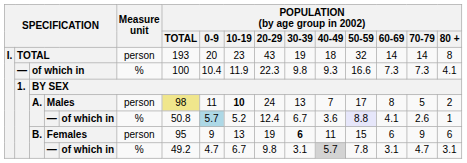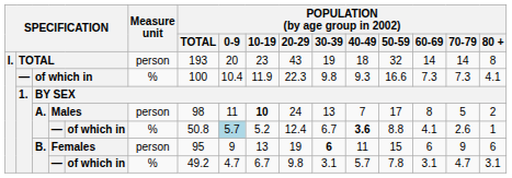 <table class="wikitable" style="font-size:85%; text-align:center">
 <tr>
 <th rowspan="2" colspan="5">SPECIFICATION</th>
 <th rowspan="2">Measure<br> unit</th>
 <th colspan="10" rowspan="1">POPULATION<br> (by age group in 2002)</th>
 </tr>
 <tr>
 <th>TOTAL</th>
 <th>0-9</th>
 <th>10-19</th>
 <th>20-29</th>
 <th>30-39</th>
 <th>40-49</th>
 <th>50-59</th>
 <th>60-69</th>
 <th>70-79</th>
 <th>80 +</th>
 </tr>
 <tr>
 <th style="text-align:left" valign="top" rowspan="7">I.</th>
 <th style="text-align:left" colspan="4">TOTAL</th>
 <td>person</td>
 <td>193</td>
 <td>20</td>
 <td>23</td>
 <td>43</td>
 <td>19</td>
 <td>18</td>
 <td>32</td>
 <td>14</td>
 <td>14</td>
 <td>8</td>
 </tr>
 <tr>
 <th style="text-align:left" valign="top">—</th>
 <th style="text-align:left" colspan="3">of which in</th>
 <td>%</td>
 <td>100</td>
 <td>10.4</td>
 <td>11.9</td>
 <td>22.3</td>
 <td>9.8</td>
 <td>9.3</td>
 <td>16.6</td>
 <td>7.3</td>
 <td>7.3</td>
 <td>4.1</td>
 </tr>
 <tr>
 <th style="text-align:left" valign="top" rowspan="5">1.</th>
 <th style="text-align:left" colspan="14">BY SEX</th>
 </tr>
 <tr>
 <th style="text-align:left" valign="top" rowspan="2">A.</th>
 <th style="text-align:left" colspan="2">Males</th>
 <td>person</td>
-<td style="background: khaki;">98</td>
+<td>98</td>
 <td>11</td>
 <td><strong>10</strong></td>
 <td>24</td>
 <td>13</td>
 <td>7</td>
 <td>17</td>
 <td>8</td>
 <td>5</td>
 <td>2</td>
 </tr>
 <tr>
 <th style="text-align:left" valign="top">—</th>
 <th style="text-align:left" colspan="1">of which in</th>
 <td>%</td>
 <td>50.8</td>
 <td style="background: lightblue;">5.7</td>
 <td>5.2</td>
 <td>12.4</td>
 <td>6.7</td>
-<td>3.6</td>
-<td style="background: lavender;">8.8</td>
+<td><strong>3.6</strong></td>
+<td>8.8</td>
 <td>4.1</td>
 <td>2.6</td>
 <td>1</td>
 </tr>
 <tr>
 <th style="text-align:left" valign="top" rowspan="2">B.</th>
 <th style="text-align:left" colspan="2">Females</th>
 <td>person</td>
 <td>95</td>
 <td>9</td>
 <td>13</td>
 <td>19</td>
 <td><strong>6</strong></td>
 <td>11</td>
 <td>15</td>
 <td>6</td>
 <td>9</td>
 <td>6</td>
 </tr>
 <tr>
 <th style="text-align:left" valign="top">—</th>
 <th style="text-align:left" colspan="1">of which in</th>
 <td>%</td>
 <td>49.2</td>
 <td>4.7</td>
 <td>6.7</td>
 <td>9.8</td>
 <td>3.1</td>
-<td style="background: lightgrey;">5.7</td>
+<td>5.7</td>
 <td>7.8</td>
 <td>3.1</td>
 <td>4.7</td>
 <td>3.1</td>
 </tr>
 </table>
